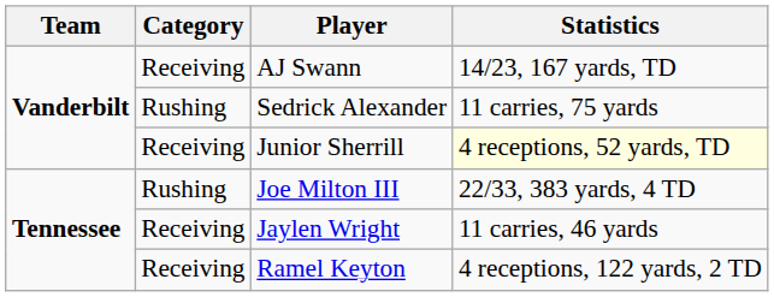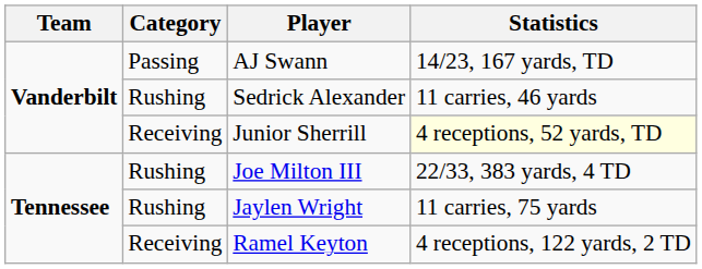 <table class="wikitable" style="float: right;">
 <tr>
 <th>Team</th>
 <th>Category</th>
 <th>Player</th>
 <th>Statistics</th>
 </tr>
 <tr>
 <td rowspan=3><strong>Vanderbilt</strong></td>
-<td>Receiving</td>
+<td>Passing</td>
 <td>AJ Swann</td>
 <td>14/23, 167 yards, TD</td>
 </tr>
 <tr>
 <td>Rushing</td>
 <td>Sedrick Alexander</td>
-<td>11 carries, 75 yards</td>
+<td>11 carries, 46 yards</td>
 </tr>
 <tr>
 <td>Receiving</td>
 <td>Junior Sherrill</td>
 <td style="background: lightyellow;">4 receptions, 52 yards, TD</td>
 </tr>
 <tr>
 <td rowspan=3><strong>Tennessee</strong></td>
 <td>Rushing</td>
 <td><a href='#'>Joe Milton III</a></td>
 <td>22/33, 383 yards, 4 TD</td>
 </tr>
 <tr>
-<td>Receiving</td>
+<td>Rushing</td>
 <td><a href='#'>Jaylen Wright</a></td>
-<td>11 carries, 46 yards</td>
+<td>11 carries, 75 yards</td>
 </tr>
 <tr>
 <td>Receiving</td>
 <td><a href='#'>Ramel Keyton</a></td>
 <td>4 receptions, 122 yards, 2 TD</td>
 </tr>
 </table>
